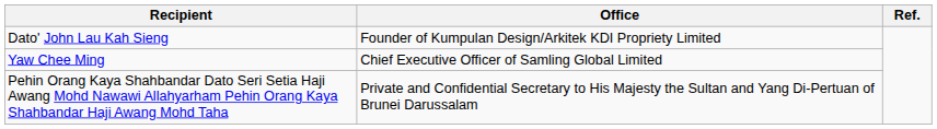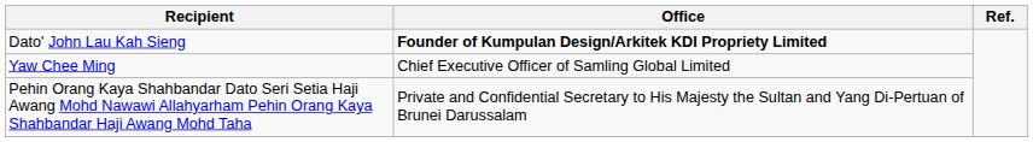 <table class="wikitable">
 <tr>
 <th width=400>Recipient</th>
 <th width=600>Office</th>
 <th width=50>Ref.</th>
 </tr>
 <tr>
 <td>Dato' <a href='#'>John Lau Kah Sieng</a></td>
-<td>Founder of Kumpulan Design/Arkitek KDI Propriety Limited</td>
+<td><strong>Founder of Kumpulan Design/Arkitek KDI Propriety Limited</strong></td>
 <td rowspan="3" align=center></td>
 </tr>
 <tr>
 <td><a href='#'>Yaw Chee Ming</a></td>
 <td>Chief Executive Officer of Samling Global Limited</td>
 </tr>
 <tr>
 <td>Pehin Orang Kaya Shahbandar Dato Seri Setia Haji Awang <a href='#'>Mohd Nawawi Allahyarham Pehin Orang Kaya Shahbandar Haji Awang Mohd Taha</a></td>
 <td>Private and Confidential Secretary to His Majesty the Sultan and Yang Di-Pertuan of Brunei Darussalam</td>
 </tr>
 </table>
